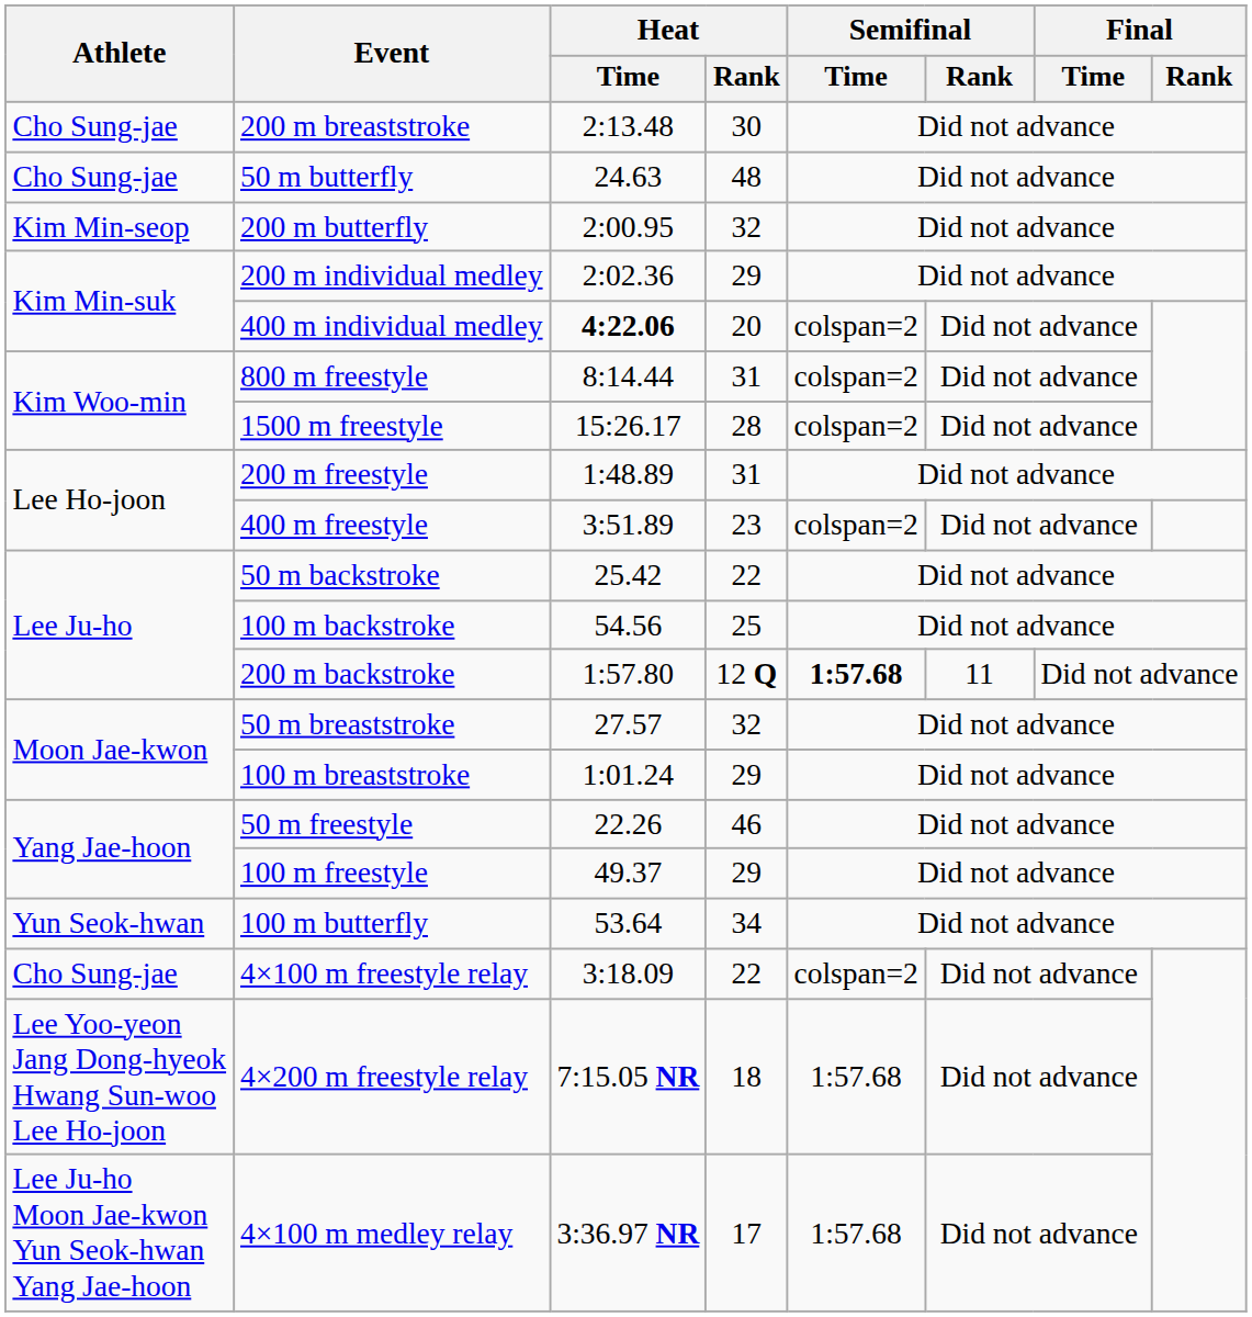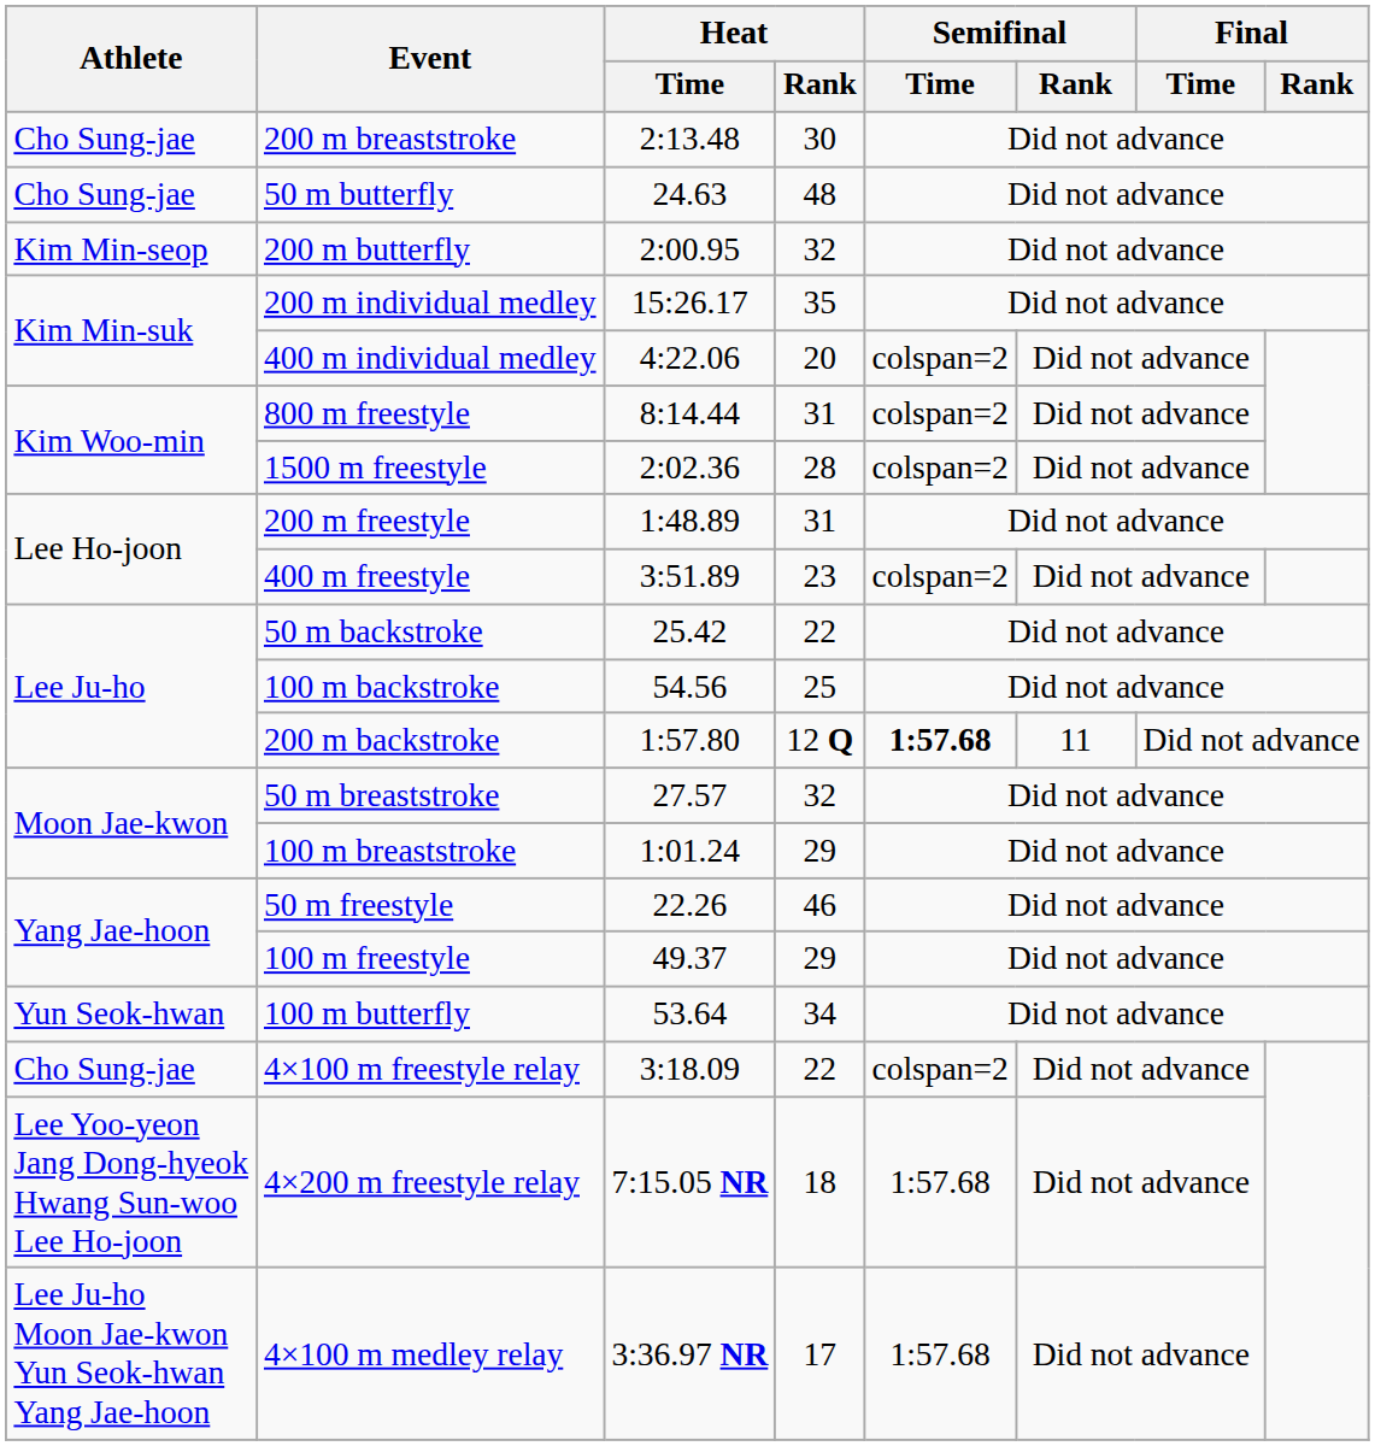 <table class="wikitable" style="text-align:center; font-size:90%">
 <tr>
 <th rowspan="2">Athlete</th>
 <th rowspan="2">Event</th>
 <th colspan="2">Heat</th>
 <th colspan="2">Semifinal</th>
 <th colspan="2">Final</th>
 </tr>
 <tr style="font-size:95%">
 <th>Time</th>
 <th>Rank</th>
 <th>Time</th>
 <th>Rank</th>
 <th>Time</th>
 <th>Rank</th>
 </tr>
 <tr>
 <td align=left><a href='#'>Cho Sung-jae</a></td>
 <td align=left><a href='#'>200 m breaststroke</a></td>
 <td>2:13.48</td>
 <td>30</td>
 <td colspan=4>Did not advance</td>
 </tr>
 <tr>
 <td align=left><a href='#'>Cho Sung-jae</a></td>
 <td align=left><a href='#'>50 m butterfly</a></td>
 <td>24.63</td>
 <td>48</td>
 <td colspan=4>Did not advance</td>
 </tr>
 <tr>
 <td align=left><a href='#'>Kim Min-seop</a></td>
 <td align=left><a href='#'>200 m butterfly</a></td>
 <td>2:00.95</td>
 <td>32</td>
 <td colspan=4>Did not advance</td>
 </tr>
 <tr>
 <td align=left rowspan=2><a href='#'>Kim Min-suk</a></td>
 <td align=left><a href='#'>200 m individual medley</a></td>
-<td>2:02.36</td>
-<td>29</td>
+<td>15:26.17</td>
+<td>35</td>
 <td colspan=4>Did not advance</td>
 </tr>
 <tr>
 <td align=left><a href='#'>400 m individual medley</a></td>
-<td><strong>4:22.06</strong></td>
+<td>4:22.06</td>
 <td>20</td>
 <td>colspan=2 </td>
 <td colspan=2>Did not advance</td>
 </tr>
 <tr>
 <td align=left rowspan=2><a href='#'>Kim Woo-min</a></td>
 <td align=left><a href='#'>800 m freestyle</a></td>
 <td>8:14.44</td>
 <td>31</td>
 <td>colspan=2 </td>
 <td colspan=2>Did not advance</td>
 </tr>
 <tr>
 <td align=left><a href='#'>1500 m freestyle</a></td>
-<td>15:26.17</td>
+<td>2:02.36</td>
 <td>28</td>
 <td>colspan=2 </td>
 <td colspan=2>Did not advance</td>
 </tr>
 <tr>
 <td align=left rowspan=2>Lee Ho-joon</td>
 <td align=left><a href='#'>200 m freestyle</a></td>
 <td>1:48.89</td>
 <td>31</td>
 <td colspan=4>Did not advance</td>
 </tr>
 <tr>
 <td align=left><a href='#'>400 m freestyle</a></td>
 <td>3:51.89</td>
 <td>23</td>
 <td>colspan=2 </td>
 <td colspan=2>Did not advance</td>
 </tr>
 <tr>
 <td align=left rowspan=3><a href='#'>Lee Ju-ho</a></td>
 <td align=left><a href='#'>50 m backstroke</a></td>
 <td>25.42</td>
 <td>22</td>
 <td colspan=4>Did not advance</td>
 </tr>
 <tr>
 <td align=left><a href='#'>100 m backstroke</a></td>
 <td>54.56</td>
 <td>25</td>
 <td colspan=4>Did not advance</td>
 </tr>
 <tr>
 <td align=left><a href='#'>200 m backstroke</a></td>
 <td>1:57.80</td>
 <td>12 <strong>Q</strong></td>
 <td><strong>1:57.68</strong></td>
 <td>11</td>
 <td colspan=2>Did not advance</td>
 </tr>
 <tr>
 <td align=left rowspan=2><a href='#'>Moon Jae-kwon</a></td>
 <td align=left><a href='#'>50 m breaststroke</a></td>
 <td>27.57</td>
 <td>32</td>
 <td colspan=4>Did not advance</td>
 </tr>
 <tr>
 <td align=left><a href='#'>100 m breaststroke</a></td>
 <td>1:01.24</td>
 <td>29</td>
 <td colspan=4>Did not advance</td>
 </tr>
 <tr>
 <td align=left rowspan=2><a href='#'>Yang Jae-hoon</a></td>
 <td align=left><a href='#'>50 m freestyle</a></td>
 <td>22.26</td>
 <td>46</td>
 <td colspan=4>Did not advance</td>
 </tr>
 <tr>
 <td align=left><a href='#'>100 m freestyle</a></td>
 <td>49.37</td>
 <td>29</td>
 <td colspan=4>Did not advance</td>
 </tr>
 <tr>
 <td align=left><a href='#'>Yun Seok-hwan</a></td>
 <td align=left><a href='#'>100 m butterfly</a></td>
 <td>53.64</td>
 <td>34</td>
 <td colspan=4>Did not advance</td>
 </tr>
 <tr>
 <td align=left><a href='#'>Cho Sung-jae</a></td>
 <td align=left><a href='#'>4×100 m freestyle relay</a></td>
 <td>3:18.09</td>
 <td>22</td>
 <td>colspan=2 </td>
 <td colspan=2>Did not advance</td>
 </tr>
 <tr>
 <td align=left><a href='#'>Lee Yoo-yeon</a><br><a href='#'>Jang Dong-hyeok</a><br><a href='#'>Hwang Sun-woo</a><br><a href='#'>Lee Ho-joon</a></td>
 <td align=left><a href='#'>4×200 m freestyle relay</a></td>
 <td>7:15.05 <strong><a href='#'>NR</a></strong></td>
 <td>18</td>
 <td>1:57.68</td>
 <td colspan=2>Did not advance</td>
 </tr>
 <tr>
 <td align=left><a href='#'>Lee Ju-ho</a><br><a href='#'>Moon Jae-kwon</a><br><a href='#'>Yun Seok-hwan</a><br><a href='#'>Yang Jae-hoon</a></td>
 <td align=left><a href='#'>4×100 m medley relay</a></td>
 <td>3:36.97 <strong><a href='#'>NR</a></strong></td>
 <td>17</td>
 <td>1:57.68</td>
 <td colspan=2>Did not advance</td>
 </tr>
 </table>
